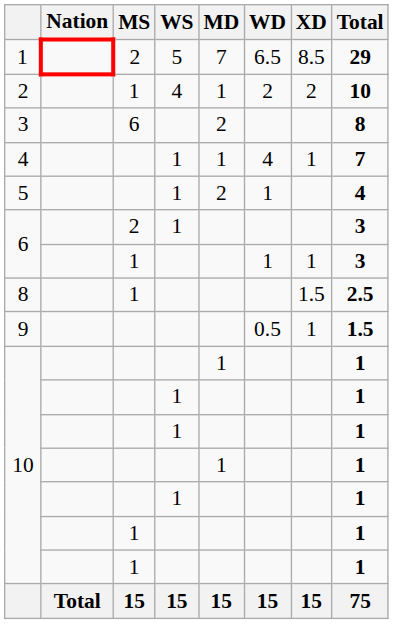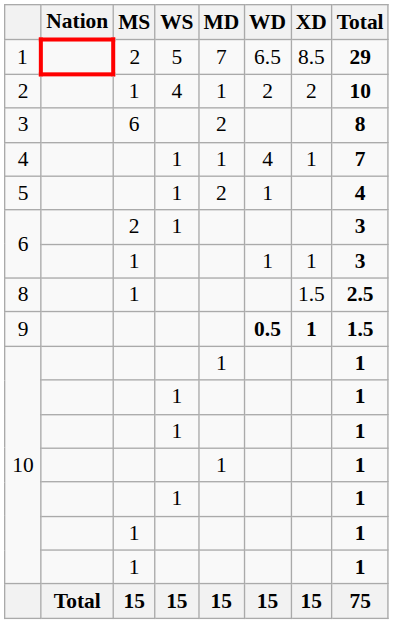 <table class="wikitable" style="text-align:center">
 <tr>
 <th width="20"></th>
 <th>Nation</th>
 <th width="20">MS</th>
 <th width="20">WS</th>
 <th width="20">MD</th>
 <th width="20">WD</th>
 <th width="20">XD</th>
 <th>Total</th>
 </tr>
 <tr>
 <td>1</td>
 <td align=left style="border: 3px solid red"><strong></strong></td>
 <td>2</td>
 <td>5</td>
 <td>7</td>
 <td>6.5</td>
 <td>8.5</td>
 <td><strong>29</strong></td>
 </tr>
 <tr>
 <td>2</td>
 <td align=left></td>
 <td>1</td>
 <td>4</td>
 <td>1</td>
 <td>2</td>
 <td>2</td>
 <td><strong>10</strong></td>
 </tr>
 <tr>
 <td>3</td>
 <td align=left></td>
 <td>6</td>
 <td></td>
 <td>2</td>
 <td></td>
 <td></td>
 <td><strong>8</strong></td>
 </tr>
 <tr>
 <td>4</td>
 <td align=left></td>
 <td></td>
 <td>1</td>
 <td>1</td>
 <td>4</td>
 <td>1</td>
 <td><strong>7</strong></td>
 </tr>
 <tr>
 <td>5</td>
 <td align=left></td>
 <td></td>
 <td>1</td>
 <td>2</td>
 <td>1</td>
 <td></td>
 <td><strong>4</strong></td>
 </tr>
 <tr>
 <td rowspan="2">6</td>
 <td align=left></td>
 <td>2</td>
 <td>1</td>
 <td></td>
 <td></td>
 <td></td>
 <td><strong>3</strong></td>
 </tr>
 <tr>
 <td align=left></td>
 <td>1</td>
 <td></td>
 <td></td>
 <td>1</td>
 <td>1</td>
 <td><strong>3</strong></td>
 </tr>
 <tr>
 <td>8</td>
 <td align=left></td>
 <td>1</td>
 <td></td>
 <td></td>
 <td></td>
 <td>1.5</td>
 <td><strong>2.5</strong></td>
 </tr>
 <tr>
 <td>9</td>
 <td align=left></td>
 <td></td>
 <td></td>
 <td></td>
-<td>0.5</td>
-<td>1</td>
+<td><strong>0.5</strong></td>
+<td><strong>1</strong></td>
 <td><strong>1.5</strong></td>
 </tr>
 <tr>
 <td rowspan="7">10</td>
 <td align=left></td>
 <td></td>
 <td></td>
 <td>1</td>
 <td></td>
 <td></td>
 <td><strong>1</strong></td>
 </tr>
 <tr>
 <td align=left></td>
 <td></td>
 <td>1</td>
 <td></td>
 <td></td>
 <td></td>
 <td><strong>1</strong></td>
 </tr>
 <tr>
 <td align=left></td>
 <td></td>
 <td>1</td>
 <td></td>
 <td></td>
 <td></td>
 <td><strong>1</strong></td>
 </tr>
 <tr>
 <td align=left></td>
 <td></td>
 <td></td>
 <td>1</td>
 <td></td>
 <td></td>
 <td><strong>1</strong></td>
 </tr>
 <tr>
 <td align=left></td>
 <td></td>
 <td>1</td>
 <td></td>
 <td></td>
 <td></td>
 <td><strong>1</strong></td>
 </tr>
 <tr>
 <td align=left></td>
 <td>1</td>
 <td></td>
 <td></td>
 <td></td>
 <td></td>
 <td><strong>1</strong></td>
 </tr>
 <tr>
 <td align=left></td>
 <td>1</td>
 <td></td>
 <td></td>
 <td></td>
 <td></td>
 <td><strong>1</strong></td>
 </tr>
 <tr>
 <th></th>
 <th align=left>Total</th>
 <th>15</th>
 <th>15</th>
 <th>15</th>
 <th>15</th>
 <th>15</th>
 <th>75</th>
 </tr>
 </table>
